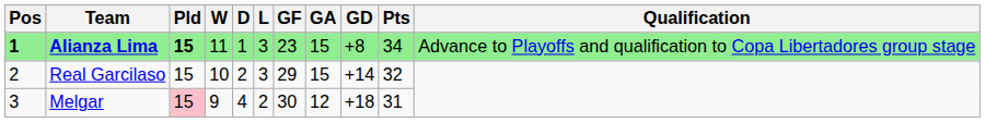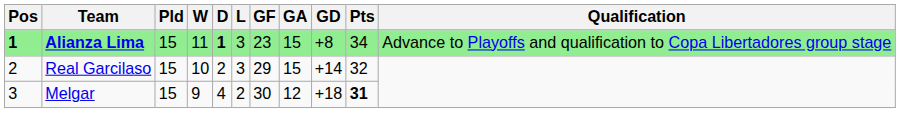 <table class="wikitable">
 <tr>
 <th>Pos</th>
 <th>Team</th>
 <th><strong>Pld</strong></th>
 <th>W</th>
 <th>D</th>
 <th>L</th>
 <th>GF</th>
 <th>GA</th>
 <th>GD</th>
 <th>Pts</th>
 <th><strong>Qualification</strong></th>
 </tr>
 <tr bgcolor="90EE90">
 <td><strong>1</strong></td>
 <td><strong><a href='#'>Alianza Lima</a></strong></td>
-<td><strong>15</strong></td>
+<td>15</td>
 <td>11</td>
-<td>1</td>
+<td><strong>1</strong></td>
 <td>3</td>
 <td>23</td>
 <td>15</td>
 <td>+8</td>
 <td>34</td>
 <td>Advance to <a href='#'>Playoffs</a> and qualification to <a href='#'>Copa Libertadores group stage</a></td>
 </tr>
 <tr>
 <td>2</td>
 <td><a href='#'>Real Garcilaso</a></td>
 <td>15</td>
 <td>10</td>
 <td>2</td>
 <td>3</td>
 <td>29</td>
 <td>15</td>
 <td>+14</td>
 <td>32</td>
 <td rowspan="2"></td>
 </tr>
 <tr>
 <td>3</td>
 <td><a href='#'>Melgar</a></td>
-<td style="background: pink;">15</td>
+<td>15</td>
 <td>9</td>
 <td>4</td>
 <td>2</td>
 <td>30</td>
 <td>12</td>
 <td>+18</td>
-<td>31</td>
+<td><strong>31</strong></td>
 </tr>
 </table>
